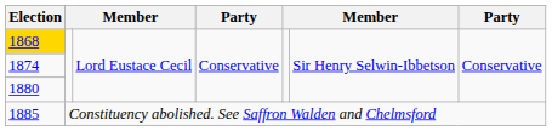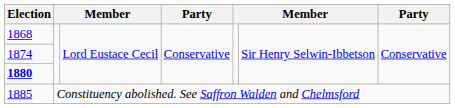 <table class="wikitable">
 <tr>
 <th>Election</th>
 <th colspan="2">Member</th>
 <th>Party</th>
 <th colspan="2">Member</th>
 <th>Party</th>
 </tr>
 <tr>
-<td style="background: gold;"><a href='#'>1868</a></td>
+<td><a href='#'>1868</a></td>
 <td rowspan="3" style="color:inherit;background-color: "></td>
 <td rowspan="3"><a href='#'>Lord Eustace Cecil</a></td>
 <td rowspan="3"><a href='#'>Conservative</a></td>
 <td rowspan="3" style="color:inherit;background-color: "></td>
 <td rowspan="3"><a href='#'>Sir Henry Selwin-Ibbetson</a></td>
 <td rowspan="3"><a href='#'>Conservative</a></td>
 </tr>
 <tr>
 <td><a href='#'>1874</a></td>
 </tr>
 <tr>
-<td><a href='#'>1880</a></td>
+<td><strong><a href='#'>1880</a></strong></td>
 </tr>
 <tr>
 <td><a href='#'>1885</a></td>
 <td colspan="6"><em>Constituency abolished. See <a href='#'>Saffron Walden</a> and <a href='#'>Chelmsford</a></em></td>
 </tr>
 </table>
